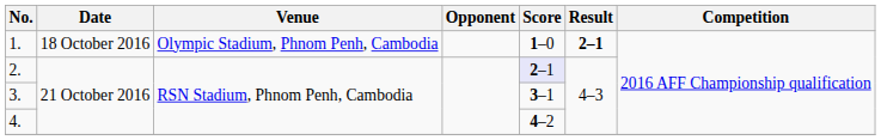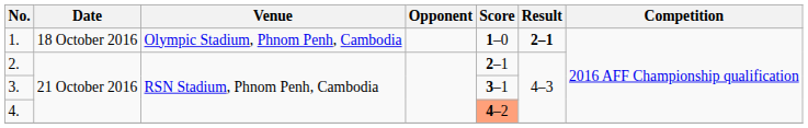 <table class="wikitable">
 <tr>
 <th>No.</th>
 <th>Date</th>
 <th>Venue</th>
 <th>Opponent</th>
 <th>Score</th>
 <th>Result</th>
 <th>Competition</th>
 </tr>
 <tr>
 <td>1.</td>
 <td>18 October 2016</td>
 <td><a href='#'>Olympic Stadium</a>, <a href='#'>Phnom Penh</a>, <a href='#'>Cambodia</a></td>
 <td></td>
 <td align=center><strong>1</strong>–0</td>
 <td align=center><strong>2–1</strong></td>
 <td rowspan=4><a href='#'>2016 AFF Championship qualification</a></td>
 </tr>
 <tr>
 <td>2.</td>
 <td rowspan=3>21 October 2016</td>
 <td rowspan=3><a href='#'>RSN Stadium</a>, Phnom Penh, Cambodia</td>
 <td rowspan=3></td>
-<td align=center style="background: lavender;"><strong>2</strong>–1</td>
+<td align=center><strong>2</strong>–1</td>
 <td rowspan=3 align=center>4–3</td>
 </tr>
 <tr>
 <td>3.</td>
 <td align=center><strong>3</strong>–1</td>
 </tr>
 <tr>
 <td>4.</td>
-<td align=center><strong>4</strong>–2</td>
+<td align=center style="background: lightsalmon;"><strong>4</strong>–2</td>
 </tr>
 <tr>
 </tr>
 </table>
